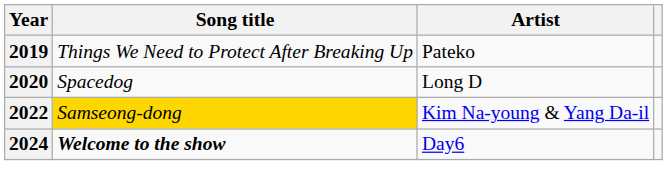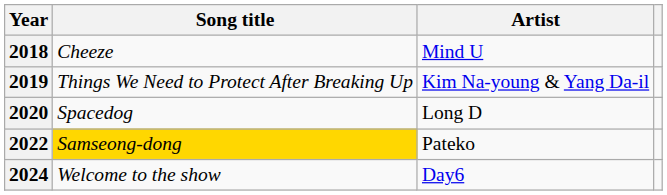 <table class="wikitable plainrowheaders sortable">
 <tr>
 <th scope="col">Year</th>
 <th scope="col">Song title</th>
 <th scope="col">Artist</th>
 <th scope="col" class="unsortable"></th>
 </tr>
 <tr>
+<th scope="row">2018</th>
+<td><em>Cheeze</em></td>
+<td><a href='#'>Mind U</a></td>
+<td style="text-align:center"></td>
+</tr>
+<tr>
 <th scope="row">2019</th>
 <td><em>Things We Need to Protect After Breaking Up</em></td>
-<td>Pateko</td>
+<td><a href='#'>Kim Na-young</a> & <a href='#'>Yang Da-il</a></td>
 <td style="text-align:center"></td>
 </tr>
 <tr>
 <th scope="row">2020</th>
 <td><em>Spacedog</em></td>
 <td>Long D</td>
 <td style="text-align:center"></td>
 </tr>
 <tr>
 <th scope="row">2022</th>
 <td style="background: gold;"><em>Samseong-dong</em></td>
-<td><a href='#'>Kim Na-young</a> & <a href='#'>Yang Da-il</a></td>
+<td>Pateko</td>
 <td style="text-align:center"></td>
 </tr>
 <tr>
 <th scope="row">2024</th>
-<td><strong><em>Welcome to the show</em></strong></td>
+<td><em>Welcome to the show</em></td>
 <td><a href='#'>Day6</a></td>
 <td style="text-align:center"></td>
 </tr>
 </table>
